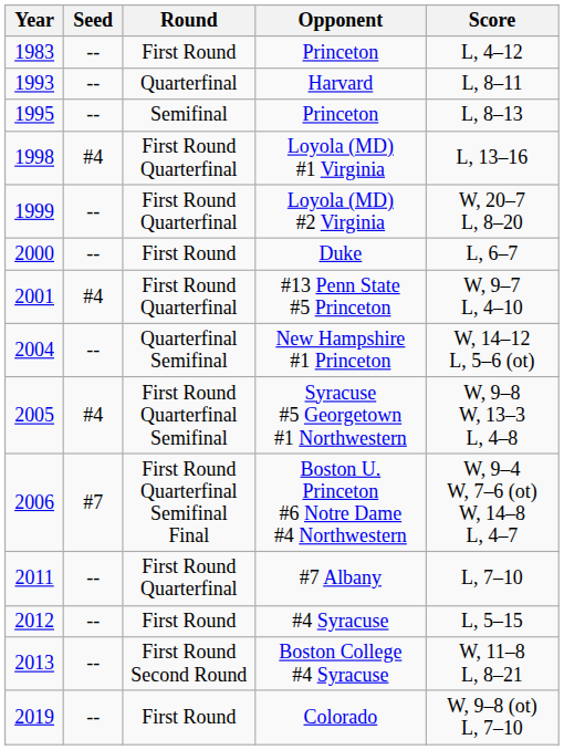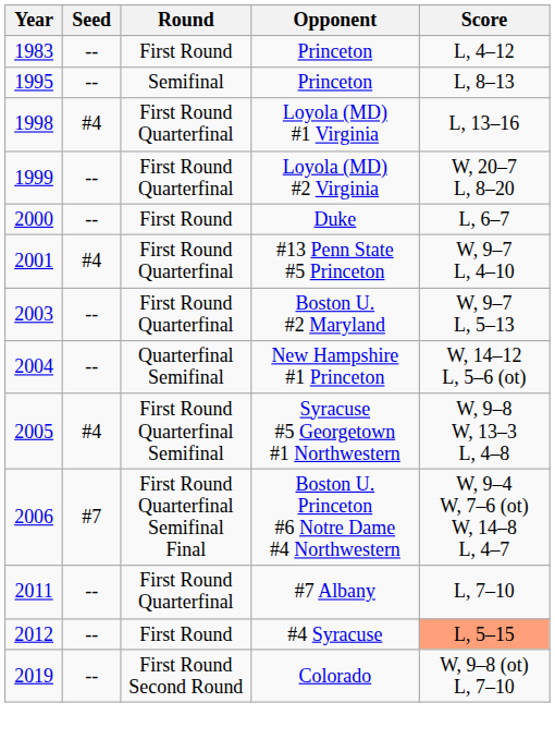 <table class="wikitable">
 <tr>
 <th style="width:40px; ">Year</th>
 <th style="width:40px; ">Seed</th>
 <th style="width:100px; ">Round</th>
 <th style="width:130px; ">Opponent</th>
 <th style="width:100px; ">Score</th>
 </tr>
 <tr align="center">
 <td><a href='#'>1983</a></td>
 <td>--</td>
 <td>First Round</td>
 <td><a href='#'>Princeton</a></td>
 <td>L, 4–12</td>
-</tr>
-<tr align="center">
-<td><a href='#'>1993</a></td>
-<td>--</td>
-<td>Quarterfinal</td>
-<td><a href='#'>Harvard</a></td>
-<td>L, 8–11</td>
 </tr>
 <tr align="center">
 <td><a href='#'>1995</a></td>
 <td>--</td>
 <td>Semifinal</td>
 <td><a href='#'>Princeton</a></td>
 <td>L, 8–13</td>
 </tr>
 <tr align="center">
 <td><a href='#'>1998</a></td>
 <td>#4</td>
 <td>First Round<br>Quarterfinal</td>
 <td><a href='#'>Loyola (MD)</a><br>#1 <a href='#'>Virginia</a></td>
 <td>L, 13–16</td>
 </tr>
 <tr align="center">
 <td><a href='#'>1999</a></td>
 <td>--</td>
 <td>First Round<br>Quarterfinal</td>
 <td><a href='#'>Loyola (MD)</a><br>#2 <a href='#'>Virginia</a></td>
 <td>W, 20–7<br>L, 8–20</td>
 </tr>
 <tr align="center">
 <td><a href='#'>2000</a></td>
 <td>--</td>
 <td>First Round</td>
 <td><a href='#'>Duke</a></td>
 <td>L, 6–7</td>
 </tr>
 <tr align="center">
 <td><a href='#'>2001</a></td>
 <td>#4</td>
 <td>First Round<br>Quarterfinal</td>
 <td>#13 <a href='#'>Penn State</a><br>#5 <a href='#'>Princeton</a></td>
 <td>W, 9–7<br>L, 4–10</td>
 </tr>
 <tr align="center">
+<td><a href='#'>2003</a></td>
+<td>--</td>
+<td>First Round<br>Quarterfinal</td>
+<td><a href='#'>Boston U.</a><br>#2 <a href='#'>Maryland</a></td>
+<td>W, 9–7<br>L, 5–13</td>
+</tr>
+<tr align="center">
 <td><a href='#'>2004</a></td>
 <td>--</td>
 <td>Quarterfinal<br>Semifinal</td>
 <td><a href='#'>New Hampshire</a><br>#1 <a href='#'>Princeton</a></td>
 <td>W, 14–12<br>L, 5–6 (ot)</td>
 </tr>
 <tr align="center">
 <td><a href='#'>2005</a></td>
 <td>#4</td>
 <td>First Round<br>Quarterfinal<br>Semifinal</td>
 <td><a href='#'>Syracuse</a><br>#5 <a href='#'>Georgetown</a><br>#1 <a href='#'>Northwestern</a></td>
 <td>W, 9–8<br>W, 13–3<br>L, 4–8</td>
 </tr>
 <tr align="center">
 <td><a href='#'>2006</a></td>
 <td>#7</td>
 <td>First Round<br>Quarterfinal<br>Semifinal<br>Final</td>
 <td><a href='#'>Boston U.</a><br><a href='#'>Princeton</a><br>#6 <a href='#'>Notre Dame</a><br>#4 <a href='#'>Northwestern</a></td>
 <td>W, 9–4<br>W, 7–6 (ot)<br>W, 14–8<br>L, 4–7</td>
 </tr>
 <tr align="center">
 <td><a href='#'>2011</a></td>
 <td>--</td>
 <td>First Round<br>Quarterfinal</td>
 <td>#7 <a href='#'>Albany</a></td>
 <td>L, 7–10</td>
 </tr>
 <tr align="center">
 <td><a href='#'>2012</a></td>
 <td>--</td>
 <td>First Round</td>
 <td>#4 <a href='#'>Syracuse</a></td>
-<td>L, 5–15</td>
-</tr>
-<tr align="center">
-<td><a href='#'>2013</a></td>
-<td>--</td>
-<td>First Round<br>Second Round</td>
-<td><a href='#'>Boston College</a><br>#4 <a href='#'>Syracuse</a></td>
-<td>W, 11–8<br>L, 8–21</td>
+<td style="background: lightsalmon;">L, 5–15</td>
 </tr>
 <tr align="center">
 <td><a href='#'>2019</a></td>
 <td>--</td>
-<td>First Round</td>
+<td>First Round<br>Second Round</td>
 <td><a href='#'>Colorado</a></td>
 <td>W, 9–8 (ot)<br>L, 7–10</td>
 </tr>
 </table>
